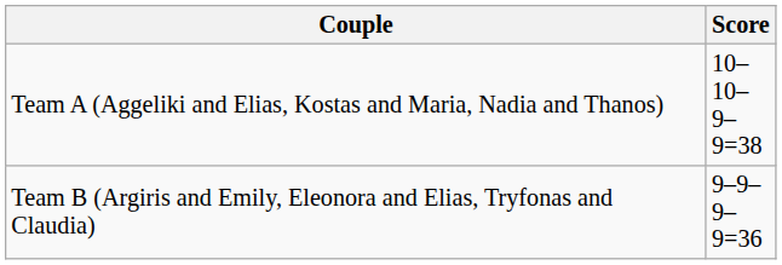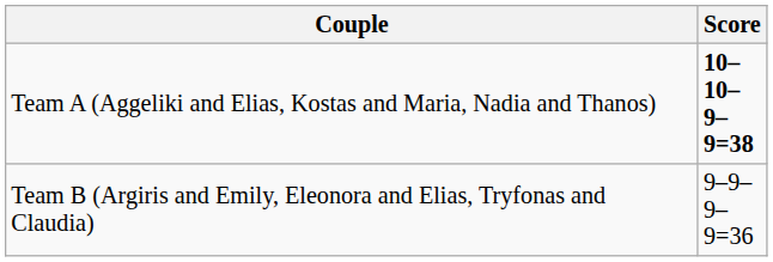 <table class="wikitable" style="width:40%;">
 <tr>
 <th style="width:150%;">Couple</th>
 <th style="width:5%;">Score</th>
 </tr>
 <tr>
 <td>Team A (Aggeliki and Elias, Kostas and Maria, Nadia and Thanos)</td>
-<td>10–10–9–9=38</td>
+<td><strong>10–10–9–9=38</strong></td>
 </tr>
 <tr>
 <td>Team B (Argiris and Emily, Eleonora and Elias, Tryfonas and Claudia)</td>
 <td>9–9–9–9=36</td>
 </tr>
 </table>
